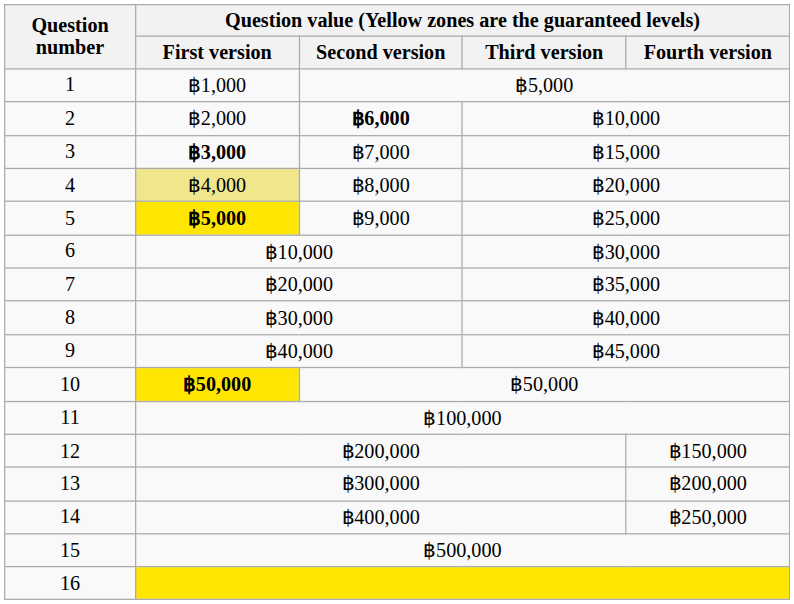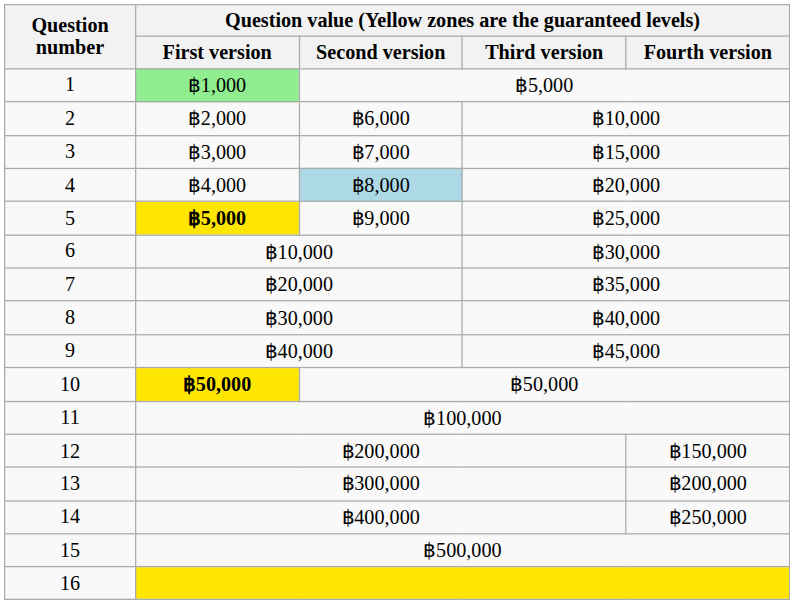 <table class="wikitable" style="text-align:center; border:1px;; cellpadding:2; cellspacing:0; width:100%;">
 <tr>
 <th rowspan="2" style="width: 16%">Question number</th>
 <th colspan="4">Question value (Yellow zones are the guaranteed levels)</th>
 </tr>
 <tr>
 <th style="width: 20%">First version</th>
 <th style="width: 20%">Second version</th>
 <th style="width: 20%">Third version</th>
 <th style="width: 20%">Fourth version</th>
 </tr>
 <tr>
 <td>1</td>
-<td><span>฿1,000</span></td>
+<td style="background: lightgreen;"><span>฿1,000</span></td>
 <td colspan="3"><span>฿5,000</span></td>
 </tr>
 <tr>
 <td>2</td>
 <td><span>฿2,000</span></td>
-<td><strong><span>฿6,000</span></strong></td>
+<td><span>฿6,000</span></td>
 <td colspan="2"><span>฿10,000</span></td>
 </tr>
 <tr>
 <td>3</td>
-<td><strong><span>฿3,000</span></strong></td>
+<td><span>฿3,000</span></td>
 <td><span>฿7,000</span></td>
 <td colspan="2"><span>฿15,000</span></td>
 </tr>
 <tr>
 <td>4</td>
-<td style="background: khaki;"><span>฿4,000</span></td>
-<td><span>฿8,000</span></td>
+<td><span>฿4,000</span></td>
+<td style="background: lightblue;"><span>฿8,000</span></td>
 <td colspan="2"><span>฿20,000</span></td>
 </tr>
 <tr>
 <td>5</td>
 <td style="background: #FFE600"><span><strong>฿5,000</strong></span></td>
 <td><span>฿9,000</span></td>
 <td colspan="2"><span>฿25,000</span></td>
 </tr>
 <tr>
 <td>6</td>
 <td colspan="2"><span>฿10,000</span></td>
 <td colspan="2"><span>฿30,000</span></td>
 </tr>
 <tr>
 <td>7</td>
 <td colspan="2"><span>฿20,000</span></td>
 <td colspan="2"><span>฿35,000</span></td>
 </tr>
 <tr>
 <td>8</td>
 <td colspan="2"><span>฿30,000</span></td>
 <td colspan="2"><span>฿40,000</span></td>
 </tr>
 <tr>
 <td>9</td>
 <td colspan="2"><span>฿40,000</span></td>
 <td colspan="2"><span>฿45,000</span></td>
 </tr>
 <tr>
 <td>10</td>
 <td style="background: #FFE600"><span><strong>฿50,000</strong></span></td>
 <td colspan="3"><span>฿50,000</span></td>
 </tr>
 <tr>
 <td>11</td>
 <td colspan="4"><span>฿100,000</span></td>
 </tr>
 <tr>
 <td>12</td>
 <td colspan="3"><span>฿200,000</span></td>
 <td><span>฿150,000</span></td>
 </tr>
 <tr>
 <td>13</td>
 <td colspan="3"><span>฿300,000</span></td>
 <td><span>฿200,000</span></td>
 </tr>
 <tr>
 <td>14</td>
 <td colspan="3"><span>฿400,000</span></td>
 <td><span>฿250,000</span></td>
 </tr>
 <tr>
 <td>15</td>
 <td colspan="4"><span>฿500,000</span></td>
 </tr>
 <tr>
 <td>16</td>
 <td colspan="4" style="background: #FFE600"><span><strong></strong></span></td>
 </tr>
 </table>
